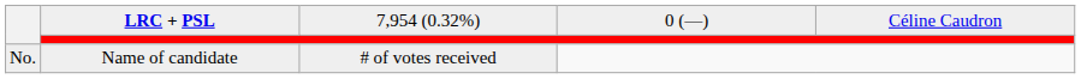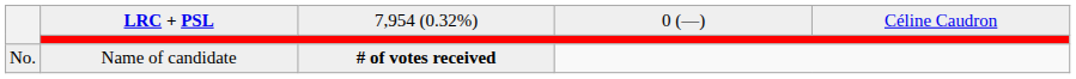 <table class="wikitable collapsible collapsed" style=text-align:left;font-size:90%>
 <tr>
 <th rowspan=2></th>
 <td bgcolor=efefef width=200 align=center><strong> <a href='#'>LRC</a> + <a href='#'>PSL</a></strong></td>
 <td bgcolor=efefef width=200 align=center>7,954 (0.32%)</td>
 <td bgcolor=efefef width=200 align=center>0 (—)</td>
 <td bgcolor=efefef width=200 align=center><a href='#'>Céline Caudron</a></td>
 </tr>
 <tr>
 <td colspan=4 bgcolor=red></td>
 </tr>
 <tr>
 <td bgcolor=efefef align=center>No.</td>
 <td bgcolor=efefef align=center>Name of candidate</td>
-<td bgcolor=efefef align=center># of votes received</td>
+<td bgcolor=efefef align=center><strong># of votes received</strong></td>
 </tr>
 </table>
